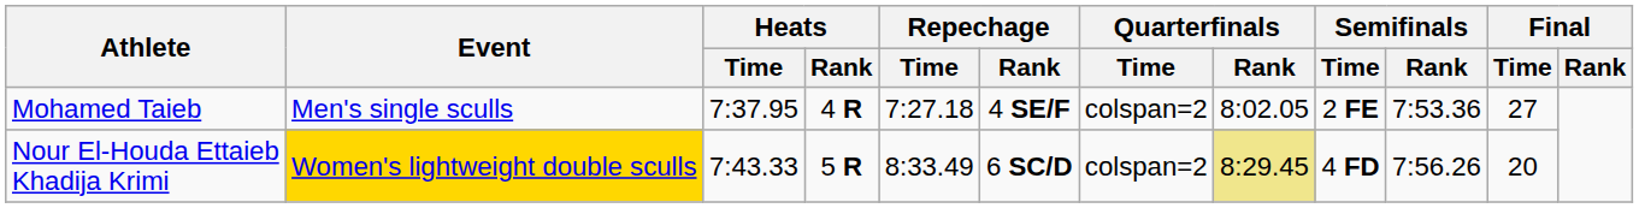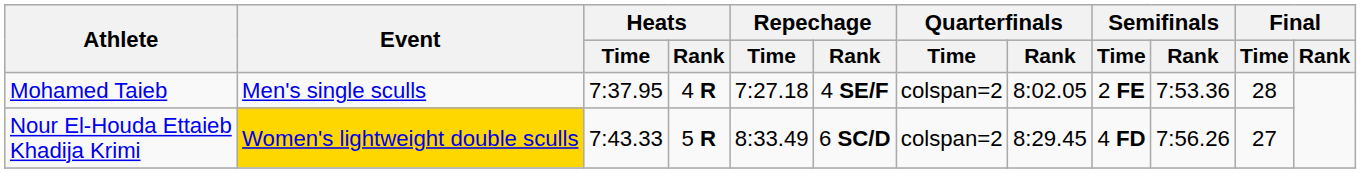 <table class="wikitable" style="font-size:90%">
 <tr>
 <th rowspan="2">Athlete</th>
 <th rowspan="2">Event</th>
 <th colspan="2">Heats</th>
 <th colspan="2">Repechage</th>
 <th colspan="2">Quarterfinals</th>
 <th colspan="2">Semifinals</th>
 <th colspan="2">Final</th>
 </tr>
 <tr style="font-size:95%">
 <th>Time</th>
 <th>Rank</th>
 <th>Time</th>
 <th>Rank</th>
 <th>Time</th>
 <th>Rank</th>
 <th>Time</th>
 <th>Rank</th>
 <th>Time</th>
 <th>Rank</th>
 </tr>
 <tr align=center>
 <td align=left><a href='#'>Mohamed Taieb</a></td>
 <td align=left><a href='#'>Men's single sculls</a></td>
 <td>7:37.95</td>
 <td>4 <strong>R</strong></td>
 <td>7:27.18</td>
 <td>4 <strong>SE/F</strong></td>
 <td>colspan=2 </td>
 <td>8:02.05</td>
 <td>2 <strong>FE</strong></td>
 <td>7:53.36</td>
-<td>27</td>
+<td>28</td>
 </tr>
 <tr align=center>
 <td align=left><a href='#'>Nour El-Houda Ettaieb</a><br><a href='#'>Khadija Krimi</a></td>
 <td align=left style="background: gold;"><a href='#'>Women's lightweight double sculls</a></td>
 <td>7:43.33</td>
 <td>5 <strong>R</strong></td>
 <td>8:33.49</td>
 <td>6 <strong>SC/D</strong></td>
 <td>colspan=2 </td>
-<td style="background: khaki;">8:29.45</td>
+<td>8:29.45</td>
 <td>4 <strong>FD</strong></td>
 <td>7:56.26</td>
-<td>20</td>
+<td>27</td>
 </tr>
 </table>
